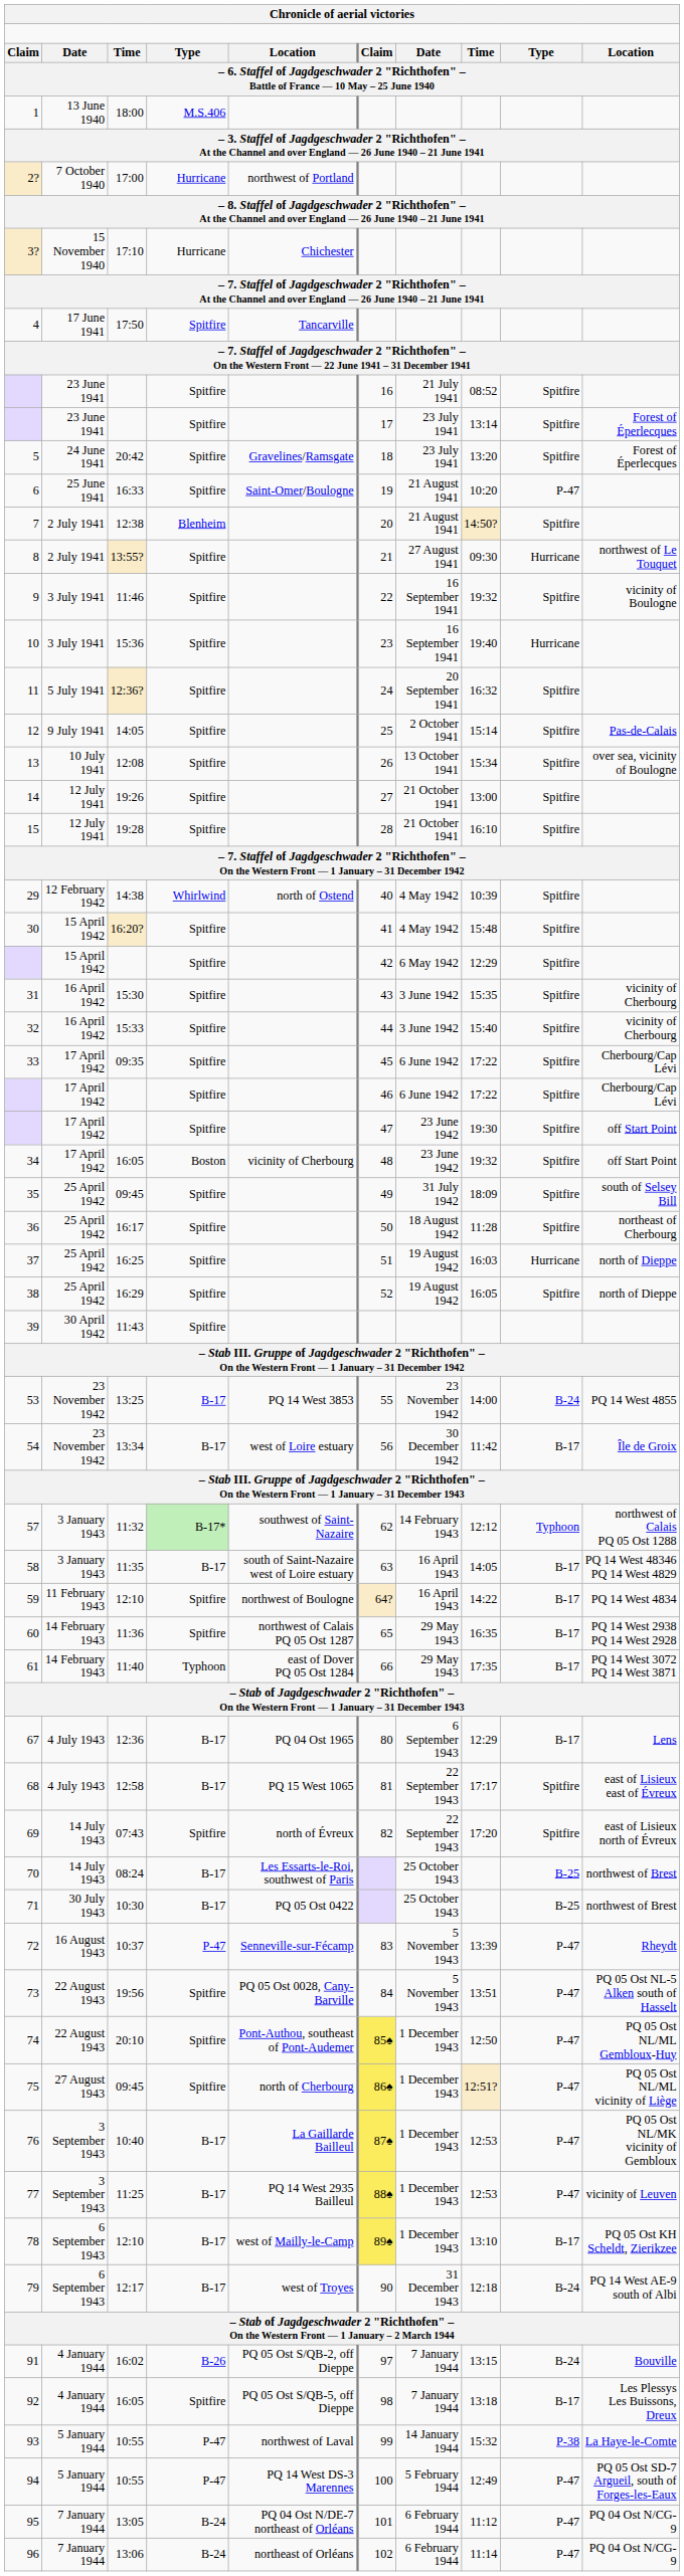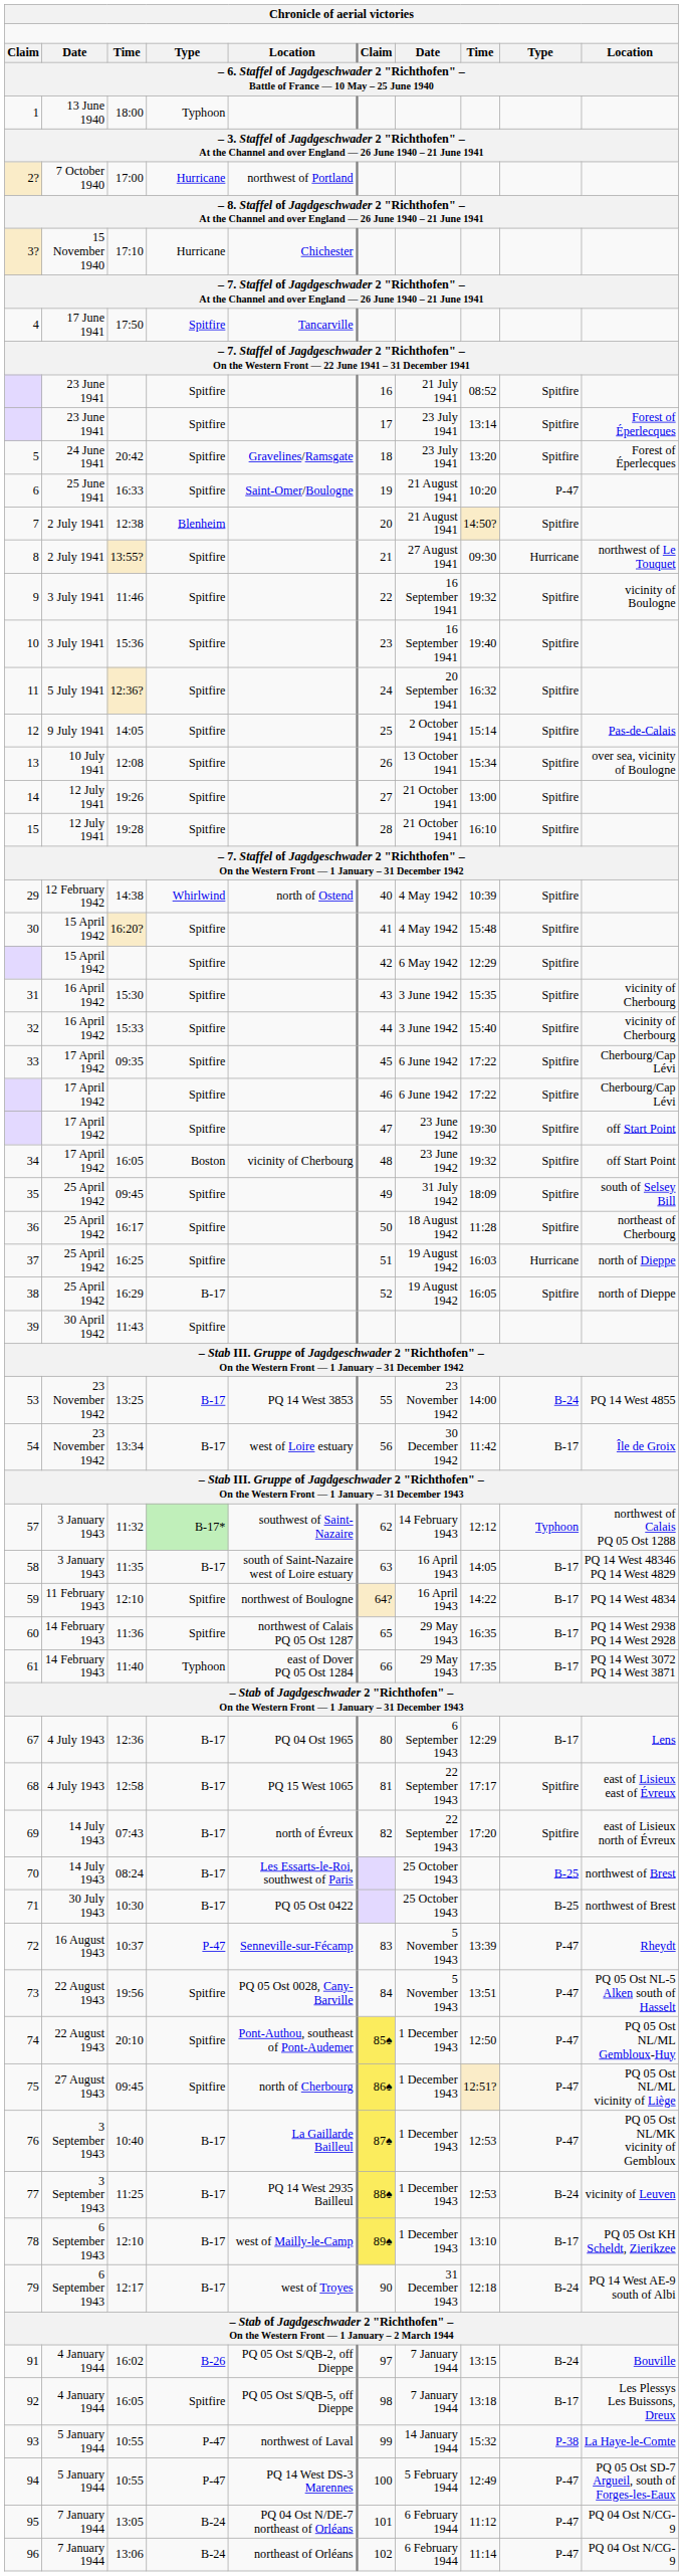 <table class="wikitable plainrowheaders collapsible" style="margin-left: auto; margin-right: auto; border: none; text-align:right; width: 100%;">
 <tr>
 <th colspan="10">Chronicle of aerial victories</th>
 </tr>
 <tr>
 <td colspan="10" style="text-align: left;"><br>   </td>
 </tr>
 <tr>
 <th scope="col">Claim</th>
 <th scope="col">Date</th>
 <th scope="col">Time</th>
 <th scope="col" width="100px">Type</th>
 <th scope="col">Location</th>
 <th scope="col" style="border-left: 3px solid grey;">Claim</th>
 <th scope="col">Date</th>
 <th scope="col">Time</th>
 <th scope="col" width="100px">Type</th>
 <th scope="col">Location</th>
 </tr>
 <tr>
 <th colspan="10">– 6. <em>Staffel</em> of <em>Jagdgeschwader</em> 2 "Richthofen" –<br><small>Battle of France — 10 May – 25 June 1940</small></th>
 </tr>
 <tr>
 <td>1</td>
 <td>13 June 1940</td>
 <td>18:00</td>
-<td><a href='#'>M.S.406</a></td>
+<td>Typhoon</td>
 <td></td>
 <td style="border-left: 3px solid grey;"></td>
 <td></td>
 <td></td>
 <td></td>
 <td></td>
 </tr>
 <tr>
 <th colspan="10">– 3. <em>Staffel</em> of <em>Jagdgeschwader</em> 2 "Richthofen" –<br><small>At the Channel and over England — 26 June 1940 – 21 June 1941</small></th>
 </tr>
 <tr>
 <td style="background:#faecc8">2?</td>
 <td>7 October 1940</td>
 <td>17:00</td>
 <td><a href='#'>Hurricane</a></td>
 <td>northwest of <a href='#'>Portland</a></td>
 <td style="border-left: 3px solid grey;"></td>
 <td></td>
 <td></td>
 <td></td>
 <td></td>
 </tr>
 <tr>
 <th colspan="10">– 8. <em>Staffel</em> of <em>Jagdgeschwader</em> 2 "Richthofen" –<br><small>At the Channel and over England — 26 June 1940 – 21 June 1941</small></th>
 </tr>
 <tr>
 <td style="background:#faecc8">3?</td>
 <td>15 November 1940</td>
 <td>17:10</td>
 <td>Hurricane</td>
 <td><a href='#'>Chichester</a></td>
 <td style="border-left: 3px solid grey;"></td>
 <td></td>
 <td></td>
 <td></td>
 <td></td>
 </tr>
 <tr>
 <th colspan="10">– 7. <em>Staffel</em> of <em>Jagdgeschwader</em> 2 "Richthofen" –<br><small>At the Channel and over England — 26 June 1940 – 21 June 1941</small></th>
 </tr>
 <tr>
 <td>4</td>
 <td>17 June 1941</td>
 <td>17:50</td>
 <td><a href='#'>Spitfire</a></td>
 <td><a href='#'>Tancarville</a></td>
 <td style="border-left: 3px solid grey;"></td>
 <td></td>
 <td></td>
 <td></td>
 <td></td>
 </tr>
 <tr>
 <th colspan="10">– 7. <em>Staffel</em> of <em>Jagdgeschwader</em> 2 "Richthofen" –<br><small>On the Western Front — 22 June 1941 – 31 December 1941</small></th>
 </tr>
 <tr>
 <td style="background:#e3d9ff;"></td>
 <td>23 June 1941</td>
 <td></td>
 <td>Spitfire</td>
 <td></td>
 <td style="border-left: 3px solid grey;">16</td>
 <td>21 July 1941</td>
 <td>08:52</td>
 <td>Spitfire</td>
 <td></td>
 </tr>
 <tr>
 <td style="background:#e3d9ff;"></td>
 <td>23 June 1941</td>
 <td></td>
 <td>Spitfire</td>
 <td></td>
 <td style="border-left: 3px solid grey;">17</td>
 <td>23 July 1941</td>
 <td>13:14</td>
 <td>Spitfire</td>
 <td><a href='#'>Forest of Éperlecques</a></td>
 </tr>
 <tr>
 <td>5</td>
 <td>24 June 1941</td>
 <td>20:42</td>
 <td>Spitfire</td>
 <td><a href='#'>Gravelines</a>/<a href='#'>Ramsgate</a></td>
 <td style="border-left: 3px solid grey;">18</td>
 <td>23 July 1941</td>
 <td>13:20</td>
 <td>Spitfire</td>
 <td>Forest of Éperlecques</td>
 </tr>
 <tr>
 <td>6</td>
 <td>25 June 1941</td>
 <td>16:33</td>
 <td>Spitfire</td>
 <td><a href='#'>Saint-Omer</a>/<a href='#'>Boulogne</a></td>
 <td style="border-left: 3px solid grey;">19</td>
 <td>21 August 1941</td>
 <td>10:20</td>
 <td>P-47</td>
 <td></td>
 </tr>
 <tr>
 <td>7</td>
 <td>2 July 1941</td>
 <td>12:38</td>
 <td><a href='#'>Blenheim</a></td>
 <td></td>
 <td style="border-left: 3px solid grey;">20</td>
 <td>21 August 1941</td>
 <td style="background:#faecc8">14:50?</td>
 <td>Spitfire</td>
 <td></td>
 </tr>
 <tr>
 <td>8</td>
 <td>2 July 1941</td>
 <td style="background:#faecc8">13:55?</td>
 <td>Spitfire</td>
 <td></td>
 <td style="border-left: 3px solid grey;">21</td>
 <td>27 August 1941</td>
 <td>09:30</td>
 <td>Hurricane</td>
 <td>northwest of <a href='#'>Le Touquet</a></td>
 </tr>
 <tr>
 <td>9</td>
 <td>3 July 1941</td>
 <td>11:46</td>
 <td>Spitfire</td>
 <td></td>
 <td style="border-left: 3px solid grey;">22</td>
 <td>16 September 1941</td>
 <td>19:32</td>
 <td>Spitfire</td>
 <td>vicinity of Boulogne</td>
 </tr>
 <tr>
 <td>10</td>
 <td>3 July 1941</td>
 <td>15:36</td>
 <td>Spitfire</td>
 <td></td>
 <td style="border-left: 3px solid grey;">23</td>
 <td>16 September 1941</td>
 <td>19:40</td>
-<td>Hurricane</td>
+<td>Spitfire</td>
 <td></td>
 </tr>
 <tr>
 <td>11</td>
 <td>5 July 1941</td>
 <td style="background:#faecc8">12:36?</td>
 <td>Spitfire</td>
 <td></td>
 <td style="border-left: 3px solid grey;">24</td>
 <td>20 September 1941</td>
 <td>16:32</td>
 <td>Spitfire</td>
 <td></td>
 </tr>
 <tr>
 <td>12</td>
 <td>9 July 1941</td>
 <td>14:05</td>
 <td>Spitfire</td>
 <td></td>
 <td style="border-left: 3px solid grey;">25</td>
 <td>2 October 1941</td>
 <td>15:14</td>
 <td>Spitfire</td>
 <td><a href='#'>Pas-de-Calais</a></td>
 </tr>
 <tr>
 <td>13</td>
 <td>10 July 1941</td>
 <td>12:08</td>
 <td>Spitfire</td>
 <td></td>
 <td style="border-left: 3px solid grey;">26</td>
 <td>13 October 1941</td>
 <td>15:34</td>
 <td>Spitfire</td>
 <td>over sea, vicinity of Boulogne</td>
 </tr>
 <tr>
 <td>14</td>
 <td>12 July 1941</td>
 <td>19:26</td>
 <td>Spitfire</td>
 <td></td>
 <td style="border-left: 3px solid grey;">27</td>
 <td>21 October 1941</td>
 <td>13:00</td>
 <td>Spitfire</td>
 <td></td>
 </tr>
 <tr>
 <td>15</td>
 <td>12 July 1941</td>
 <td>19:28</td>
 <td>Spitfire</td>
 <td></td>
 <td style="border-left: 3px solid grey;">28</td>
 <td>21 October 1941</td>
 <td>16:10</td>
 <td>Spitfire</td>
 <td></td>
 </tr>
 <tr>
 <th colspan="10">– 7. <em>Staffel</em> of <em>Jagdgeschwader</em> 2 "Richthofen" –<br><small>On the Western Front — 1 January – 31 December 1942</small></th>
 </tr>
 <tr>
 <td>29</td>
 <td>12 February 1942</td>
 <td>14:38</td>
 <td><a href='#'>Whirlwind</a></td>
 <td>north of <a href='#'>Ostend</a></td>
 <td style="border-left: 3px solid grey;">40</td>
 <td>4 May 1942</td>
 <td>10:39</td>
 <td>Spitfire</td>
 <td></td>
 </tr>
 <tr>
 <td>30</td>
 <td>15 April 1942</td>
 <td style="background:#faecc8">16:20?</td>
 <td>Spitfire</td>
 <td></td>
 <td style="border-left: 3px solid grey;">41</td>
 <td>4 May 1942</td>
 <td>15:48</td>
 <td>Spitfire</td>
 <td></td>
 </tr>
 <tr>
 <td style="background:#e3d9ff;"></td>
 <td>15 April 1942</td>
 <td></td>
 <td>Spitfire</td>
 <td></td>
 <td style="border-left: 3px solid grey;">42</td>
 <td>6 May 1942</td>
 <td>12:29</td>
 <td>Spitfire</td>
 <td></td>
 </tr>
 <tr>
 <td>31</td>
 <td>16 April 1942</td>
 <td>15:30</td>
 <td>Spitfire</td>
 <td></td>
 <td style="border-left: 3px solid grey;">43</td>
 <td>3 June 1942</td>
 <td>15:35</td>
 <td>Spitfire</td>
 <td>vicinity of Cherbourg</td>
 </tr>
 <tr>
 <td>32</td>
 <td>16 April 1942</td>
 <td>15:33</td>
 <td>Spitfire</td>
 <td></td>
 <td style="border-left: 3px solid grey;">44</td>
 <td>3 June 1942</td>
 <td>15:40</td>
 <td>Spitfire</td>
 <td>vicinity of Cherbourg</td>
 </tr>
 <tr>
 <td>33</td>
 <td>17 April 1942</td>
 <td>09:35</td>
 <td>Spitfire</td>
 <td></td>
 <td style="border-left: 3px solid grey;">45</td>
 <td>6 June 1942</td>
 <td>17:22</td>
 <td>Spitfire</td>
 <td>Cherbourg/Cap Lévi</td>
 </tr>
 <tr>
 <td style="background:#e3d9ff;"></td>
 <td>17 April 1942</td>
 <td></td>
 <td>Spitfire</td>
 <td></td>
 <td style="border-left: 3px solid grey;">46</td>
 <td>6 June 1942</td>
 <td>17:22</td>
 <td>Spitfire</td>
 <td>Cherbourg/Cap Lévi</td>
 </tr>
 <tr>
 <td style="background:#e3d9ff;"></td>
 <td>17 April 1942</td>
 <td></td>
 <td>Spitfire</td>
 <td></td>
 <td style="border-left: 3px solid grey;">47</td>
 <td>23 June 1942</td>
 <td>19:30</td>
 <td>Spitfire</td>
 <td>off <a href='#'>Start Point</a></td>
 </tr>
 <tr>
 <td>34</td>
 <td>17 April 1942</td>
 <td>16:05</td>
 <td>Boston</td>
 <td>vicinity of Cherbourg</td>
 <td style="border-left: 3px solid grey;">48</td>
 <td>23 June 1942</td>
 <td>19:32</td>
 <td>Spitfire</td>
 <td>off Start Point</td>
 </tr>
 <tr>
 <td>35</td>
 <td>25 April 1942</td>
 <td>09:45</td>
 <td>Spitfire</td>
 <td></td>
 <td style="border-left: 3px solid grey;">49</td>
 <td>31 July 1942</td>
 <td>18:09</td>
 <td>Spitfire</td>
 <td>south of <a href='#'>Selsey Bill</a></td>
 </tr>
 <tr>
 <td>36</td>
 <td>25 April 1942</td>
 <td>16:17</td>
 <td>Spitfire</td>
 <td></td>
 <td style="border-left: 3px solid grey;">50</td>
 <td>18 August 1942</td>
 <td>11:28</td>
 <td>Spitfire</td>
 <td> northeast of Cherbourg</td>
 </tr>
 <tr>
 <td>37</td>
 <td>25 April 1942</td>
 <td>16:25</td>
 <td>Spitfire</td>
 <td></td>
 <td style="border-left: 3px solid grey;">51</td>
 <td>19 August 1942</td>
 <td>16:03</td>
 <td>Hurricane</td>
 <td> north of <a href='#'>Dieppe</a></td>
 </tr>
 <tr>
 <td>38</td>
 <td>25 April 1942</td>
 <td>16:29</td>
-<td>Spitfire</td>
+<td>B-17</td>
 <td></td>
 <td style="border-left: 3px solid grey;">52</td>
 <td>19 August 1942</td>
 <td>16:05</td>
 <td>Spitfire</td>
 <td> north of Dieppe</td>
 </tr>
 <tr>
 <td>39</td>
 <td>30 April 1942</td>
 <td>11:43</td>
 <td>Spitfire</td>
 <td></td>
 <td style="border-left: 3px solid grey;"></td>
 <td></td>
 <td></td>
 <td></td>
 <td></td>
 </tr>
 <tr>
 <th colspan="10">– <em>Stab</em> III. <em>Gruppe</em> of <em>Jagdgeschwader</em> 2 "Richthofen" –<br><small>On the Western Front — 1 January – 31 December 1942</small></th>
 </tr>
 <tr>
 <td>53</td>
 <td>23 November 1942</td>
 <td>13:25</td>
 <td><a href='#'>B-17</a></td>
 <td>PQ 14 West 3853</td>
 <td style="border-left: 3px solid grey;">55</td>
 <td>23 November 1942</td>
 <td>14:00</td>
 <td><a href='#'>B-24</a></td>
 <td>PQ 14 West 4855</td>
 </tr>
 <tr>
 <td>54</td>
 <td>23 November 1942</td>
 <td>13:34</td>
 <td>B-17</td>
 <td>west of <a href='#'>Loire</a> estuary</td>
 <td style="border-left: 3px solid grey;">56</td>
 <td>30 December 1942</td>
 <td>11:42</td>
 <td>B-17</td>
 <td><a href='#'>Île de Groix</a></td>
 </tr>
 <tr>
 <th colspan="10">– <em>Stab</em> III. <em>Gruppe</em> of <em>Jagdgeschwader</em> 2 "Richthofen" –<br><small>On the Western Front — 1 January – 31 December 1943</small></th>
 </tr>
 <tr>
 <td>57</td>
 <td>3 January 1943</td>
 <td>11:32</td>
 <td style="background:#C0EFBA">B-17*</td>
 <td> southwest of <a href='#'>Saint-Nazaire</a></td>
 <td style="border-left: 3px solid grey;">62</td>
 <td>14 February 1943</td>
 <td>12:12</td>
 <td><a href='#'>Typhoon</a></td>
 <td> northwest of <a href='#'>Calais</a><br>PQ 05 Ost 1288</td>
 </tr>
 <tr>
 <td>58</td>
 <td>3 January 1943</td>
 <td>11:35</td>
 <td>B-17</td>
 <td> south of Saint-Nazaire<br> west of Loire estuary</td>
 <td style="border-left: 3px solid grey;">63</td>
 <td>16 April 1943</td>
 <td>14:05</td>
 <td>B-17</td>
 <td>PQ 14 West 48346<br>PQ 14 West 4829</td>
 </tr>
 <tr>
 <td>59</td>
 <td>11 February 1943</td>
 <td>12:10</td>
 <td>Spitfire</td>
 <td> northwest of Boulogne</td>
 <td style="border-left: 3px solid grey; background:#faecc8">64?</td>
 <td>16 April 1943</td>
 <td>14:22</td>
 <td>B-17</td>
 <td>PQ 14 West 4834</td>
 </tr>
 <tr>
 <td>60</td>
 <td>14 February 1943</td>
 <td>11:36</td>
 <td>Spitfire</td>
 <td> northwest of Calais<br>PQ 05 Ost 1287</td>
 <td style="border-left: 3px solid grey;">65</td>
 <td>29 May 1943</td>
 <td>16:35</td>
 <td>B-17</td>
 <td>PQ 14 West 2938<br>PQ 14 West 2928</td>
 </tr>
 <tr>
 <td>61</td>
 <td>14 February 1943</td>
 <td>11:40</td>
 <td>Typhoon</td>
 <td> east of Dover<br>PQ 05 Ost 1284</td>
 <td style="border-left: 3px solid grey;">66</td>
 <td>29 May 1943</td>
 <td>17:35</td>
 <td>B-17</td>
 <td>PQ 14 West 3072<br>PQ 14 West 3871</td>
 </tr>
 <tr>
 <th colspan="10">– <em>Stab</em> of <em>Jagdgeschwader</em> 2 "Richthofen" –<br><small>On the Western Front — 1 January – 31 December 1943</small></th>
 </tr>
 <tr>
 <td>67</td>
 <td>4 July 1943</td>
 <td>12:36</td>
 <td>B-17</td>
 <td>PQ 04 Ost 1965</td>
 <td style="border-left: 3px solid grey;">80</td>
 <td>6 September 1943</td>
 <td>12:29</td>
 <td>B-17</td>
 <td><a href='#'>Lens</a></td>
 </tr>
 <tr>
 <td>68</td>
 <td>4 July 1943</td>
 <td>12:58</td>
 <td>B-17</td>
 <td>PQ 15 West 1065</td>
 <td style="border-left: 3px solid grey;">81</td>
 <td>22 September 1943</td>
 <td>17:17</td>
 <td>Spitfire</td>
 <td>east of <a href='#'>Lisieux</a><br>east of <a href='#'>Évreux</a></td>
 </tr>
 <tr>
 <td>69</td>
 <td>14 July 1943</td>
 <td>07:43</td>
-<td>Spitfire</td>
+<td>B-17</td>
 <td> north of Évreux</td>
 <td style="border-left: 3px solid grey;">82</td>
 <td>22 September 1943</td>
 <td>17:20</td>
 <td>Spitfire</td>
 <td>east of Lisieux<br>north of Évreux</td>
 </tr>
 <tr>
 <td>70</td>
 <td>14 July 1943</td>
 <td>08:24</td>
 <td>B-17</td>
 <td><a href='#'>Les Essarts-le-Roi</a>, southwest of <a href='#'>Paris</a></td>
 <td style="border-left: 3px solid grey; background:#e3d9ff;"></td>
 <td>25 October 1943</td>
 <td></td>
 <td><a href='#'>B-25</a></td>
 <td>northwest of <a href='#'>Brest</a></td>
 </tr>
 <tr>
 <td>71</td>
 <td>30 July 1943</td>
 <td>10:30</td>
 <td>B-17</td>
 <td>PQ 05 Ost 0422</td>
 <td style="border-left: 3px solid grey; background:#e3d9ff;"></td>
 <td>25 October 1943</td>
 <td></td>
 <td>B-25</td>
 <td>northwest of Brest</td>
 </tr>
 <tr>
 <td>72</td>
 <td>16 August 1943</td>
 <td>10:37</td>
 <td><a href='#'>P-47</a></td>
 <td><a href='#'>Senneville-sur-Fécamp</a></td>
 <td style="border-left: 3px solid grey;">83</td>
 <td>5 November 1943</td>
 <td>13:39</td>
 <td>P-47</td>
 <td><a href='#'>Rheydt</a></td>
 </tr>
 <tr>
 <td>73</td>
 <td>22 August 1943</td>
 <td>19:56</td>
 <td>Spitfire</td>
 <td>PQ 05 Ost 0028, <a href='#'>Cany-Barville</a></td>
 <td style="border-left: 3px solid grey;">84</td>
 <td>5 November 1943</td>
 <td>13:51</td>
 <td>P-47</td>
 <td>PQ 05 Ost NL-5<br><a href='#'>Alken</a> south of <a href='#'>Hasselt</a></td>
 </tr>
 <tr>
 <td>74</td>
 <td>22 August 1943</td>
 <td>20:10</td>
 <td>Spitfire</td>
 <td><a href='#'>Pont-Authou</a>, southeast of <a href='#'>Pont-Audemer</a></td>
 <td style="border-left: 3px solid grey; background:#fbec5d;">85♠</td>
 <td>1 December 1943</td>
 <td>12:50</td>
 <td>P-47</td>
 <td>PQ 05 Ost NL/ML<br><a href='#'>Gembloux</a>-<a href='#'>Huy</a></td>
 </tr>
 <tr>
 <td>75</td>
 <td>27 August 1943</td>
 <td>09:45</td>
 <td>Spitfire</td>
 <td>north of <a href='#'>Cherbourg</a></td>
 <td style="border-left: 3px solid grey; background:#fbec5d;">86♠</td>
 <td>1 December 1943</td>
 <td style="background:#faecc8">12:51?</td>
 <td>P-47</td>
 <td>PQ 05 Ost NL/ML<br>vicinity of <a href='#'>Liège</a></td>
 </tr>
 <tr>
 <td>76</td>
 <td>3 September 1943</td>
 <td>10:40</td>
 <td>B-17</td>
 <td><a href='#'>La Gaillarde</a><br><a href='#'>Bailleul</a></td>
 <td style="border-left: 3px solid grey; background:#fbec5d;">87♠</td>
 <td>1 December 1943</td>
 <td>12:53</td>
 <td>P-47</td>
 <td>PQ 05 Ost NL/MK<br>vicinity of Gembloux</td>
 </tr>
 <tr>
 <td>77</td>
 <td>3 September 1943</td>
 <td>11:25</td>
 <td>B-17</td>
 <td>PQ 14 West 2935<br>Bailleul</td>
 <td style="border-left: 3px solid grey; background:#fbec5d;">88♠<br></td>
 <td>1 December 1943</td>
 <td>12:53</td>
-<td>P-47</td>
+<td>B-24</td>
 <td>vicinity of <a href='#'>Leuven</a></td>
 </tr>
 <tr>
 <td>78</td>
 <td>6 September 1943</td>
 <td>12:10</td>
 <td>B-17</td>
 <td> west of <a href='#'>Mailly-le-Camp</a></td>
 <td style="border-left: 3px solid grey; background:#fbec5d;">89♠</td>
 <td>1 December 1943</td>
 <td>13:10</td>
 <td>B-17</td>
 <td>PQ 05 Ost KH<br><a href='#'>Scheldt</a>, <a href='#'>Zierikzee</a></td>
 </tr>
 <tr>
 <td>79</td>
 <td>6 September 1943</td>
 <td>12:17</td>
 <td>B-17</td>
 <td> west of <a href='#'>Troyes</a></td>
 <td style="border-left: 3px solid grey;">90</td>
 <td>31 December 1943</td>
 <td>12:18</td>
 <td>B-24</td>
 <td>PQ 14 West AE-9<br>south of Albi</td>
 </tr>
 <tr>
 <th colspan="10">– <em>Stab</em> of <em>Jagdgeschwader</em> 2 "Richthofen" –<br><small>On the Western Front — 1 January – 2 March 1944</small></th>
 </tr>
 <tr>
 <td>91</td>
 <td>4 January 1944</td>
 <td>16:02</td>
 <td><a href='#'>B-26</a></td>
 <td>PQ 05 Ost S/QB-2, off Dieppe</td>
 <td style="border-left: 3px solid grey;">97</td>
 <td>7 January 1944</td>
 <td>13:15</td>
 <td>B-24</td>
 <td><a href='#'>Bouville</a></td>
 </tr>
 <tr>
 <td>92</td>
 <td>4 January 1944</td>
 <td>16:05</td>
 <td>Spitfire</td>
 <td>PQ 05 Ost S/QB-5, off Dieppe</td>
 <td style="border-left: 3px solid grey;">98</td>
 <td>7 January 1944</td>
 <td>13:18</td>
 <td>B-17</td>
 <td>Les Plessys<br>Les Buissons, <a href='#'>Dreux</a></td>
 </tr>
 <tr>
 <td>93</td>
 <td>5 January 1944</td>
 <td>10:55</td>
 <td>P-47</td>
 <td>northwest of Laval</td>
 <td style="border-left: 3px solid grey;">99</td>
 <td>14 January 1944</td>
 <td>15:32</td>
 <td><a href='#'>P-38</a></td>
 <td><a href='#'>La Haye-le-Comte</a></td>
 </tr>
 <tr>
 <td>94</td>
 <td>5 January 1944</td>
 <td>10:55</td>
 <td>P-47</td>
 <td>PQ 14 West DS-3<br><a href='#'>Marennes</a></td>
 <td style="border-left: 3px solid grey;">100</td>
 <td>5 February 1944</td>
 <td>12:49</td>
 <td>P-47</td>
 <td>PQ 05 Ost SD-7<br><a href='#'>Argueil</a>, south of <a href='#'>Forges-les-Eaux</a></td>
 </tr>
 <tr>
 <td>95</td>
 <td>7 January 1944</td>
 <td>13:05</td>
 <td>B-24</td>
 <td>PQ 04 Ost N/DE-7<br>northeast of <a href='#'>Orléans</a></td>
 <td style="border-left: 3px solid grey;">101</td>
 <td>6 February 1944</td>
 <td>11:12</td>
 <td>P-47</td>
 <td>PQ 04 Ost N/CG-9</td>
 </tr>
 <tr>
 <td>96</td>
 <td>7 January 1944</td>
 <td>13:06</td>
 <td>B-24</td>
 <td>northeast of Orléans</td>
 <td style="border-left: 3px solid grey;">102</td>
 <td>6 February 1944</td>
 <td>11:14</td>
 <td>P-47</td>
 <td>PQ 04 Ost N/CG-9</td>
 </tr>
 </table>
